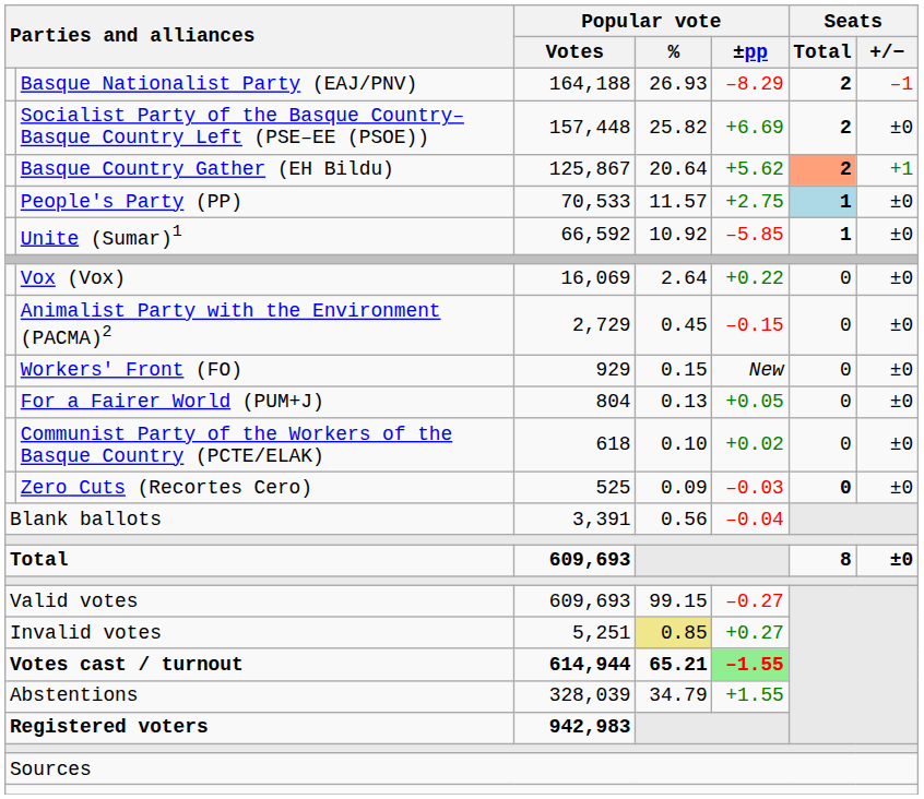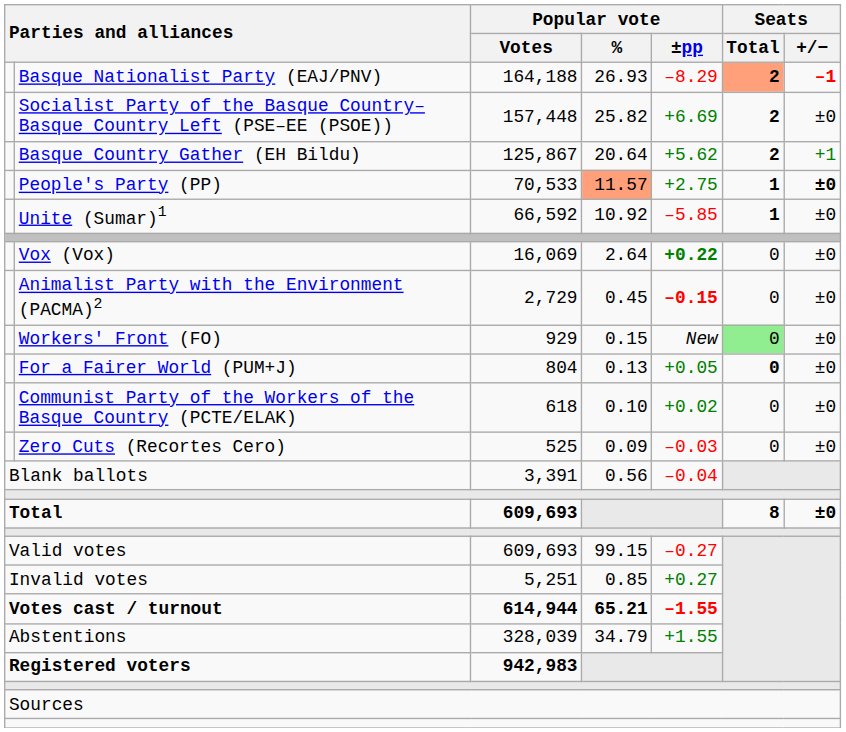 <table class="wikitable" style="text-align:right;">
 <tr>
 <th style="text-align:left;" rowspan="2" colspan="2" width="525">Parties and alliances</th>
 <th colspan="3">Popular vote</th>
 <th colspan="2">Seats</th>
 </tr>
 <tr>
 <th width="75">Votes</th>
 <th width="45">%</th>
 <th width="45">±<a href='#'>pp</a></th>
 <th width="35">Total</th>
 <th width="35">+/−</th>
 </tr>
 <tr>
 <td width="1" style="color:inherit;background:"></td>
 <td align="left"><a href='#'>Basque Nationalist Party</a> (EAJ/PNV)</td>
 <td>164,188</td>
 <td>26.93</td>
 <td style="color:red;">–8.29</td>
-<td><strong>2</strong></td>
-<td style="color:red;">–1</td>
+<td style="background: lightsalmon;"><strong>2</strong></td>
+<td style="color:red;"><strong>–1</strong></td>
 </tr>
 <tr>
 <td style="color:inherit;background:"></td>
 <td align="left"><a href='#'>Socialist Party of the Basque Country–Basque Country Left</a> (PSE–EE (PSOE))</td>
 <td>157,448</td>
 <td>25.82</td>
 <td style="color:green;">+6.69</td>
 <td><strong>2</strong></td>
 <td>±0</td>
 </tr>
 <tr>
 <td style="color:inherit;background:"></td>
 <td align="left"><a href='#'>Basque Country Gather</a> (EH Bildu)</td>
 <td>125,867</td>
 <td>20.64</td>
 <td style="color:green;">+5.62</td>
-<td style="background: lightsalmon;"><strong>2</strong></td>
+<td><strong>2</strong></td>
 <td style="color:green;">+1</td>
 </tr>
 <tr>
 <td style="color:inherit;background:"></td>
 <td align="left"><a href='#'>People's Party</a> (PP)</td>
 <td>70,533</td>
-<td>11.57</td>
+<td style="background: lightsalmon;">11.57</td>
 <td style="color:green;">+2.75</td>
-<td style="background: lightblue;"><strong>1</strong></td>
-<td>±0</td>
+<td><strong>1</strong></td>
+<td><strong>±0</strong></td>
 </tr>
 <tr>
 <td style="color:inherit;background:"></td>
 <td align="left"><a href='#'>Unite</a> (Sumar)<sup>1</sup></td>
 <td>66,592</td>
 <td>10.92</td>
 <td style="color:red;">–5.85</td>
 <td><strong>1</strong></td>
 <td>±0</td>
 </tr>
 <tr>
 <td colspan="7" bgcolor="#C0C0C0"></td>
 </tr>
 <tr>
 <td style="color:inherit;background:"></td>
 <td align="left"><a href='#'>Vox</a> (Vox)</td>
 <td>16,069</td>
 <td>2.64</td>
-<td style="color:green;">+0.22</td>
+<td style="color:green;"><strong>+0.22</strong></td>
 <td>0</td>
 <td>±0</td>
 </tr>
 <tr>
 <td style="color:inherit;background:"></td>
 <td align="left"><a href='#'>Animalist Party with the Environment</a> (PACMA)<sup>2</sup></td>
 <td>2,729</td>
 <td>0.45</td>
-<td style="color:red;">–0.15</td>
+<td style="color:red;"><strong>–0.15</strong></td>
 <td>0</td>
 <td>±0</td>
 </tr>
 <tr>
 <td style="color:inherit;background:"></td>
 <td align="left"><a href='#'>Workers' Front</a> (FO)</td>
 <td>929</td>
 <td>0.15</td>
 <td><em>New</em></td>
-<td>0</td>
+<td style="background: lightgreen;">0</td>
 <td>±0</td>
 </tr>
 <tr>
 <td style="color:inherit;background:"></td>
 <td align="left"><a href='#'>For a Fairer World</a> (PUM+J)</td>
 <td>804</td>
 <td>0.13</td>
 <td style="color:green;">+0.05</td>
-<td>0</td>
+<td><strong>0</strong></td>
 <td>±0</td>
 </tr>
 <tr>
 <td style="color:inherit;background:"></td>
 <td align="left"><a href='#'>Communist Party of the Workers of the Basque Country</a> (PCTE/ELAK)</td>
 <td>618</td>
 <td>0.10</td>
 <td style="color:green;">+0.02</td>
 <td>0</td>
 <td>±0</td>
 </tr>
 <tr>
 <td style="color:inherit;background:"></td>
 <td align="left"><a href='#'>Zero Cuts</a> (Recortes Cero)</td>
 <td>525</td>
 <td>0.09</td>
 <td style="color:red;">–0.03</td>
-<td><strong>0</strong></td>
+<td>0</td>
 <td>±0</td>
 </tr>
 <tr>
 <td align="left" colspan="2">Blank ballots</td>
 <td>3,391</td>
 <td>0.56</td>
 <td style="color:red;">–0.04</td>
 <td bgcolor="#E9E9E9" colspan="2"></td>
 </tr>
 <tr>
 <td colspan="7" bgcolor="#E9E9E9"></td>
 </tr>
 <tr style="font-weight:bold;">
 <td align="left" colspan="2">Total</td>
 <td>609,693</td>
 <td bgcolor="#E9E9E9" colspan="2"></td>
 <td>8</td>
 <td>±0</td>
 </tr>
 <tr>
 <td colspan="7" bgcolor="#E9E9E9"></td>
 </tr>
 <tr>
 <td align="left" colspan="2">Valid votes</td>
 <td>609,693</td>
 <td>99.15</td>
 <td style="color:red;">–0.27</td>
 <td bgcolor="#E9E9E9" colspan="2" rowspan="5"></td>
 </tr>
 <tr>
 <td align="left" colspan="2">Invalid votes</td>
 <td>5,251</td>
-<td style="background: khaki;">0.85</td>
+<td>0.85</td>
 <td style="color:green;">+0.27</td>
 </tr>
 <tr style="font-weight:bold;">
 <td align="left" colspan="2">Votes cast / turnout</td>
 <td>614,944</td>
 <td>65.21</td>
-<td style="background: lightgreen; color:red;">–1.55</td>
+<td style="color:red;">–1.55</td>
 </tr>
 <tr>
 <td align="left" colspan="2">Abstentions</td>
 <td>328,039</td>
 <td>34.79</td>
 <td style="color:green;">+1.55</td>
 </tr>
 <tr style="font-weight:bold;">
 <td align="left" colspan="2">Registered voters</td>
 <td>942,983</td>
 <td bgcolor="#E9E9E9" colspan="2"></td>
 </tr>
 <tr>
 <td colspan="7" bgcolor="#E9E9E9"></td>
 </tr>
 <tr>
 <td align="left" colspan="7">Sources</td>
 </tr>
 <tr>
 <td colspan="7" style="text-align:left; max-width:790px;"></td>
 </tr>
 </table>
